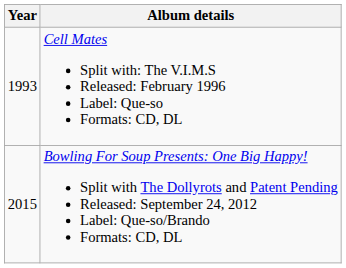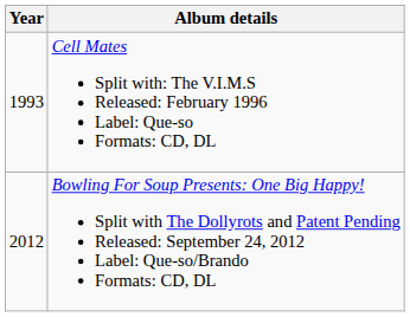 <table class="wikitable" style="white-space:nowrap;">
 <tr>
 <th>Year</th>
 <th style="width:250px;">Album details</th>
 </tr>
 <tr>
 <td>1993</td>
 <td align="left"><em><a href='#'>Cell Mates</a></em><br><ul><li>Split with: The V.I.M.S</li><li>Released: February 1996</li><li>Label: Que-so</li><li>Formats: CD, DL</li></ul></td>
 </tr>
 <tr>
-<td>2015</td>
+<td>2012</td>
 <td><em><a href='#'>Bowling For Soup Presents: One Big Happy!</a></em><br><ul><li>Split with <a href='#'>The Dollyrots</a> and <a href='#'>Patent Pending</a></li><li>Released: September 24, 2012</li><li>Label: Que-so/Brando</li><li>Formats: CD, DL</li></ul></td>
 </tr>
 </table>
